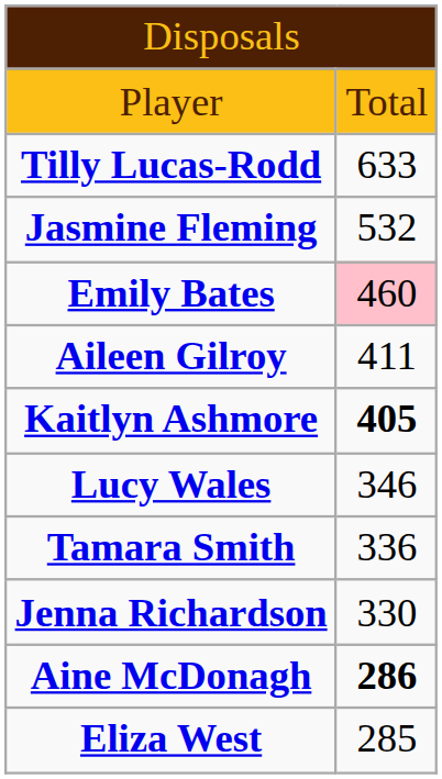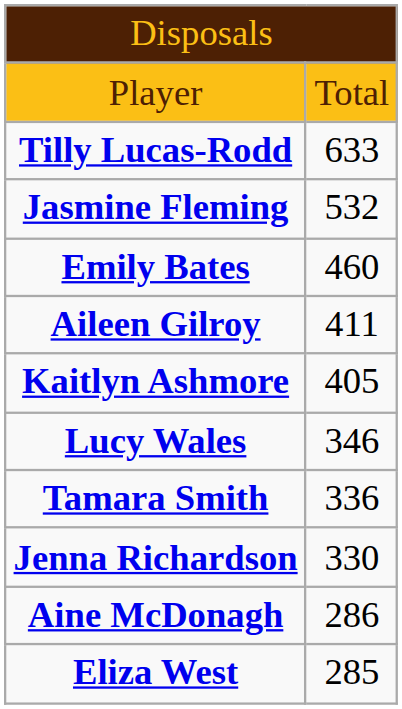 <table class="wikitable" style="text-align:center;">
 <tr>
 <td colspan="2" style="text-align:center; background: #4D2004; color: #FBBF15">Disposals</td>
 </tr>
 <tr>
 <td style="text-align:center; background: #FBBF15; color: #4D2004">Player</td>
 <td style="text-align:center; background: #FBBF15; color: #4D2004">Total</td>
 </tr>
 <tr>
 <td><strong><a href='#'>Tilly Lucas-Rodd</a></strong></td>
 <td>633</td>
 </tr>
 <tr>
 <td><strong><a href='#'>Jasmine Fleming</a></strong></td>
 <td>532</td>
 </tr>
 <tr>
 <td><strong><a href='#'>Emily Bates</a></strong></td>
-<td style="background: pink;">460</td>
+<td>460</td>
 </tr>
 <tr>
 <td><strong><a href='#'>Aileen Gilroy</a></strong></td>
 <td>411</td>
 </tr>
 <tr>
 <td><strong><a href='#'>Kaitlyn Ashmore</a></strong></td>
-<td><strong>405</strong></td>
+<td>405</td>
 </tr>
 <tr>
 <td><strong><a href='#'>Lucy Wales</a></strong></td>
 <td>346</td>
 </tr>
 <tr>
 <td><strong><a href='#'>Tamara Smith</a></strong></td>
 <td>336</td>
 </tr>
 <tr>
 <td><strong><a href='#'>Jenna Richardson</a></strong></td>
 <td>330</td>
 </tr>
 <tr>
 <td><strong><a href='#'>Aine McDonagh</a></strong></td>
-<td><strong>286</strong></td>
+<td>286</td>
 </tr>
 <tr>
 <td><strong><a href='#'>Eliza West</a></strong></td>
 <td>285</td>
 </tr>
 </table>
